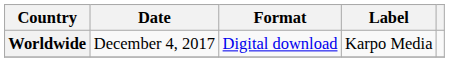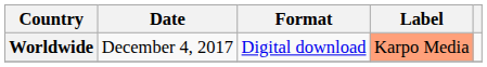 <table class="wikitable plainrowheaders">
 <tr>
 <th scope="col">Country</th>
 <th scope="col">Date</th>
 <th scope="col">Format</th>
 <th scope="col">Label</th>
 <th scope="col"></th>
 </tr>
 <tr>
 <th scope="row">Worldwide</th>
 <td>December 4, 2017</td>
 <td><a href='#'>Digital download</a></td>
-<td rowspan="1">Karpo Media</td>
+<td rowspan="1" style="background: lightsalmon;">Karpo Media</td>
 <td></td>
 </tr>
 <tr>
 </tr>
 </table>
